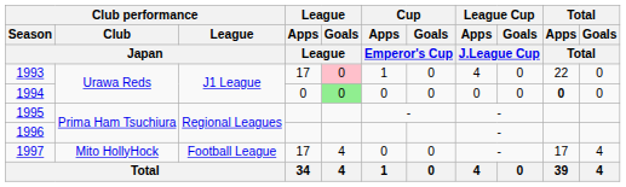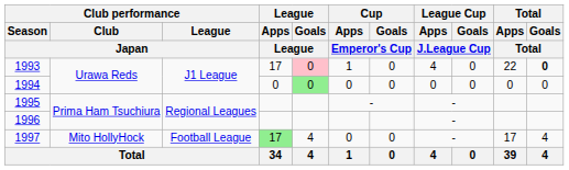 <table class="wikitable" style="text-align:center;">
 <tr>
 <th colspan=3>Club performance</th>
 <th colspan=2>League</th>
 <th colspan=2>Cup</th>
 <th colspan=2>League Cup</th>
 <th colspan=2>Total</th>
 </tr>
 <tr>
 <th>Season</th>
 <th>Club</th>
 <th>League</th>
 <th>Apps</th>
 <th>Goals</th>
 <th>Apps</th>
 <th>Goals</th>
 <th>Apps</th>
 <th>Goals</th>
 <th>Apps</th>
 <th>Goals</th>
 </tr>
 <tr>
 <th colspan=3>Japan</th>
 <th colspan=2>League</th>
 <th colspan=2><a href='#'>Emperor's Cup</a></th>
 <th colspan=2><a href='#'>J.League Cup</a></th>
 <th colspan=2>Total</th>
 </tr>
 <tr>
 <td><a href='#'>1993</a></td>
 <td rowspan="2"><a href='#'>Urawa Reds</a></td>
 <td rowspan="2"><a href='#'>J1 League</a></td>
 <td>17</td>
 <td style="background: pink;">0</td>
 <td>1</td>
 <td>0</td>
 <td>4</td>
 <td>0</td>
 <td>22</td>
-<td>0</td>
+<td><strong>0</strong></td>
 </tr>
 <tr>
 <td><a href='#'>1994</a></td>
 <td>0</td>
 <td style="background: lightgreen;">0</td>
 <td>0</td>
 <td>0</td>
 <td>0</td>
 <td>0</td>
-<td><strong>0</strong></td>
+<td>0</td>
 <td>0</td>
 </tr>
 <tr>
 <td><a href='#'>1995</a></td>
 <td rowspan="2"><a href='#'>Prima Ham Tsuchiura</a></td>
 <td rowspan="2"><a href='#'>Regional Leagues</a></td>
 <td></td>
 <td></td>
 <td colspan="2">-</td>
 <td colspan="2">-</td>
 <td></td>
 <td></td>
 </tr>
 <tr>
 <td><a href='#'>1996</a></td>
 <td></td>
 <td></td>
 <td></td>
 <td></td>
 <td colspan="2">-</td>
 <td></td>
 <td></td>
 </tr>
 <tr>
 <td><a href='#'>1997</a></td>
 <td><a href='#'>Mito HollyHock</a></td>
 <td><a href='#'>Football League</a></td>
-<td>17</td>
+<td style="background: lightgreen;">17</td>
 <td>4</td>
 <td>0</td>
 <td>0</td>
 <td colspan="2">-</td>
 <td>17</td>
 <td>4</td>
 </tr>
 <tr>
 <th colspan=3>Total</th>
 <th>34</th>
 <th>4</th>
 <th>1</th>
 <th>0</th>
 <th>4</th>
 <th>0</th>
 <th>39</th>
 <th>4</th>
 </tr>
 </table>
